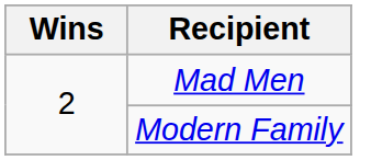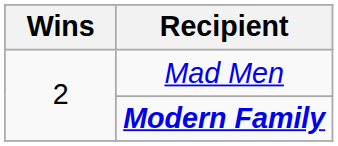 <table class="wikitable sortable" style="text-align: center">
 <tr>
 <th scope="col" style="width:55px;">Wins</th>
 <th scope="col" style="text-align:center;">Recipient</th>
 </tr>
 <tr>
 <td rowspan=2 style="text-align:center">2</td>
 <td><em><a href='#'>Mad Men</a></em></td>
 </tr>
 <tr>
-<td><em><a href='#'>Modern Family</a></em></td>
+<td><strong><em><a href='#'>Modern Family</a></em></strong></td>
 </tr>
 </table>
